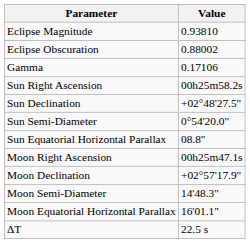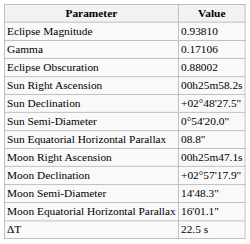 <table class="wikitable">
 <tr>
 <th>Parameter</th>
 <th>Value</th>
 </tr>
 <tr>
 <td>Eclipse Magnitude</td>
 <td>0.93810</td>
 </tr>
 <tr>
+<td>Gamma</td>
+<td>0.17106</td>
+</tr>
+<tr>
 <td>Eclipse Obscuration</td>
 <td>0.88002</td>
-</tr>
-<tr>
-<td>Gamma</td>
-<td>0.17106</td>
 </tr>
 <tr>
 <td>Sun Right Ascension</td>
 <td>00h25m58.2s</td>
 </tr>
 <tr>
 <td>Sun Declination</td>
 <td>+02°48'27.5"</td>
 </tr>
 <tr>
 <td>Sun Semi-Diameter</td>
 <td>0°54'20.0"</td>
 </tr>
 <tr>
 <td>Sun Equatorial Horizontal Parallax</td>
 <td>08.8"</td>
 </tr>
 <tr>
 <td>Moon Right Ascension</td>
 <td>00h25m47.1s</td>
 </tr>
 <tr>
 <td>Moon Declination</td>
 <td>+02°57'17.9"</td>
 </tr>
 <tr>
 <td>Moon Semi-Diameter</td>
 <td>14'48.3"</td>
 </tr>
 <tr>
 <td>Moon Equatorial Horizontal Parallax</td>
 <td>16'01.1"</td>
 </tr>
 <tr>
 <td>ΔT</td>
 <td>22.5 s</td>
 </tr>
 </table>
